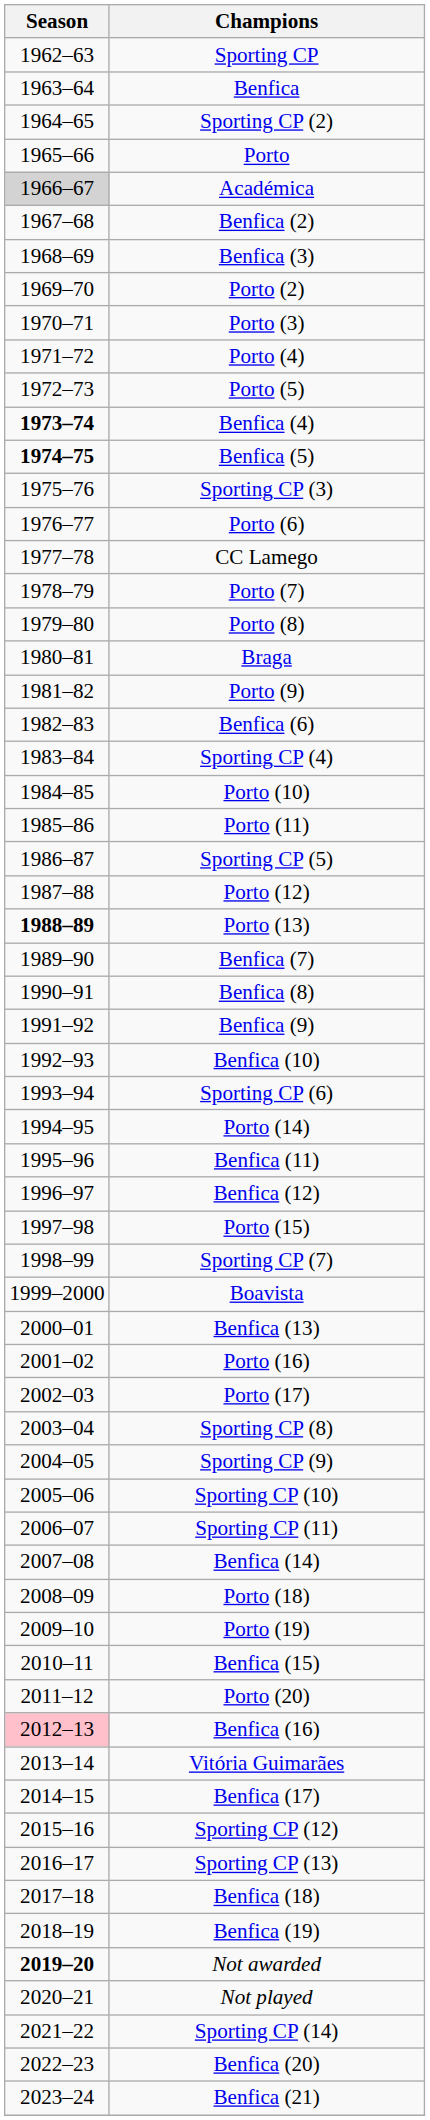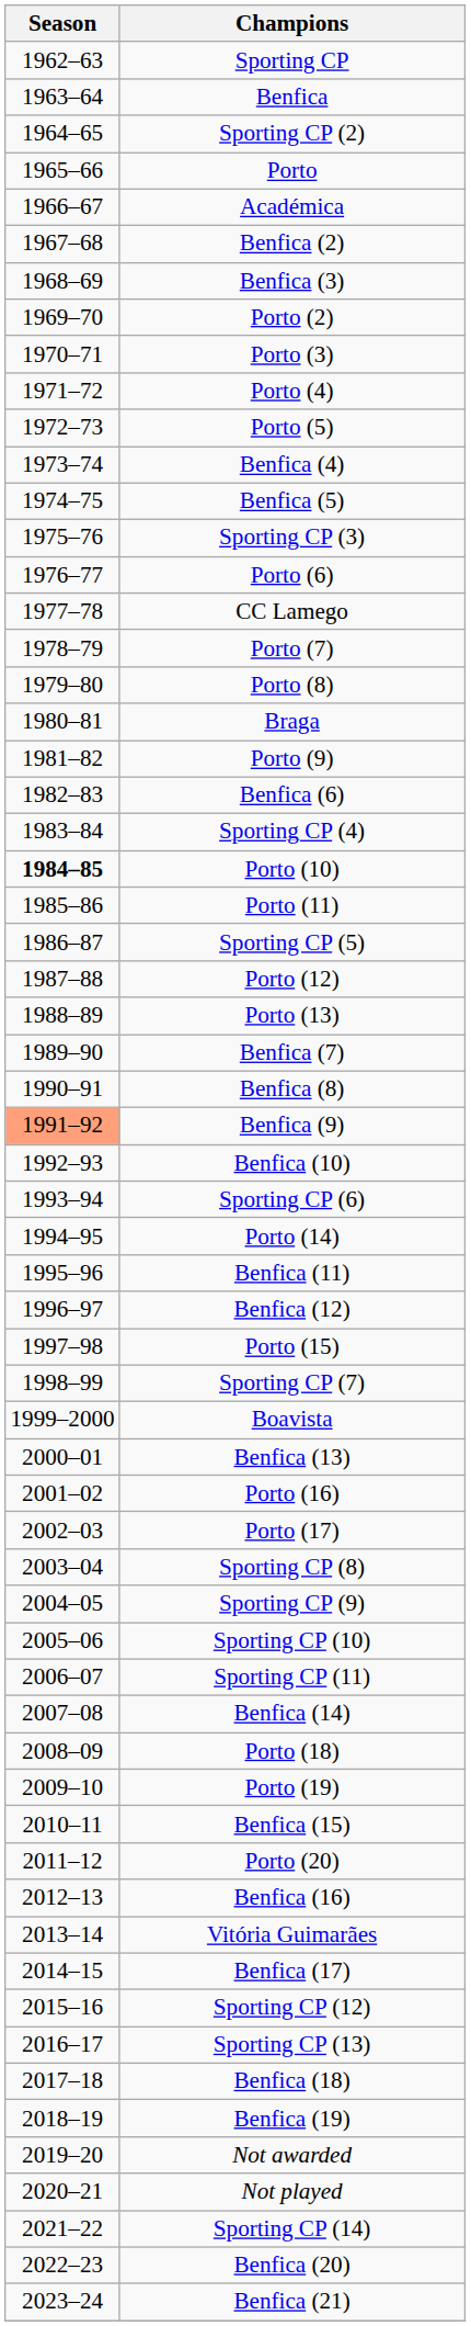 <table class="wikitable" style="text-align:center;">
 <tr>
 <th width="25%">Season</th>
 <th width="75%">Champions</th>
 </tr>
 <tr>
 <td>1962–63</td>
 <td><a href='#'>Sporting CP</a></td>
 </tr>
 <tr>
 <td>1963–64</td>
 <td><a href='#'>Benfica</a></td>
 </tr>
 <tr>
 <td>1964–65</td>
 <td><a href='#'>Sporting CP</a> (2)</td>
 </tr>
 <tr>
 <td>1965–66</td>
 <td><a href='#'>Porto</a></td>
 </tr>
 <tr>
-<td style="background: lightgrey;">1966–67</td>
+<td>1966–67</td>
 <td><a href='#'>Académica</a></td>
 </tr>
 <tr>
 <td>1967–68</td>
 <td><a href='#'>Benfica</a> (2)</td>
 </tr>
 <tr>
 <td>1968–69</td>
 <td><a href='#'>Benfica</a> (3)</td>
 </tr>
 <tr>
 <td>1969–70</td>
 <td><a href='#'>Porto</a> (2)</td>
 </tr>
 <tr>
 <td>1970–71</td>
 <td><a href='#'>Porto</a> (3)</td>
 </tr>
 <tr>
 <td>1971–72</td>
 <td><a href='#'>Porto</a> (4)</td>
 </tr>
 <tr>
 <td>1972–73</td>
 <td><a href='#'>Porto</a> (5)</td>
 </tr>
 <tr>
-<td><strong>1973–74</strong></td>
+<td>1973–74</td>
 <td><a href='#'>Benfica</a> (4)</td>
 </tr>
 <tr>
-<td><strong>1974–75</strong></td>
+<td>1974–75</td>
 <td><a href='#'>Benfica</a> (5)</td>
 </tr>
 <tr>
 <td>1975–76</td>
 <td><a href='#'>Sporting CP</a> (3)</td>
 </tr>
 <tr>
 <td>1976–77</td>
 <td><a href='#'>Porto</a> (6)</td>
 </tr>
 <tr>
 <td>1977–78</td>
 <td>CC Lamego</td>
 </tr>
 <tr>
 <td>1978–79</td>
 <td><a href='#'>Porto</a> (7)</td>
 </tr>
 <tr>
 <td>1979–80</td>
 <td><a href='#'>Porto</a> (8)</td>
 </tr>
 <tr>
 <td>1980–81</td>
 <td><a href='#'>Braga</a></td>
 </tr>
 <tr>
 <td>1981–82</td>
 <td><a href='#'>Porto</a> (9)</td>
 </tr>
 <tr>
 <td>1982–83</td>
 <td><a href='#'>Benfica</a> (6)</td>
 </tr>
 <tr>
 <td>1983–84</td>
 <td><a href='#'>Sporting CP</a> (4)</td>
 </tr>
 <tr>
-<td>1984–85</td>
+<td><strong>1984–85</strong></td>
 <td><a href='#'>Porto</a> (10)</td>
 </tr>
 <tr>
 <td>1985–86</td>
 <td><a href='#'>Porto</a> (11)</td>
 </tr>
 <tr>
 <td>1986–87</td>
 <td><a href='#'>Sporting CP</a> (5)</td>
 </tr>
 <tr>
 <td>1987–88</td>
 <td><a href='#'>Porto</a> (12)</td>
 </tr>
 <tr>
-<td><strong>1988–89</strong></td>
+<td>1988–89</td>
 <td><a href='#'>Porto</a> (13)</td>
 </tr>
 <tr>
 <td>1989–90</td>
 <td><a href='#'>Benfica</a> (7)</td>
 </tr>
 <tr>
 <td>1990–91</td>
 <td><a href='#'>Benfica</a> (8)</td>
 </tr>
 <tr>
-<td>1991–92</td>
+<td style="background: lightsalmon;">1991–92</td>
 <td><a href='#'>Benfica</a> (9)</td>
 </tr>
 <tr>
 <td>1992–93</td>
 <td><a href='#'>Benfica</a> (10)</td>
 </tr>
 <tr>
 <td>1993–94</td>
 <td><a href='#'>Sporting CP</a> (6)</td>
 </tr>
 <tr>
 <td>1994–95</td>
 <td><a href='#'>Porto</a> (14)</td>
 </tr>
 <tr>
 <td>1995–96</td>
 <td><a href='#'>Benfica</a> (11)</td>
 </tr>
 <tr>
 <td>1996–97</td>
 <td><a href='#'>Benfica</a> (12)</td>
 </tr>
 <tr>
 <td>1997–98</td>
 <td><a href='#'>Porto</a> (15)</td>
 </tr>
 <tr>
 <td>1998–99</td>
 <td><a href='#'>Sporting CP</a> (7)</td>
 </tr>
 <tr>
 <td>1999–2000</td>
 <td><a href='#'>Boavista</a></td>
 </tr>
 <tr>
 <td>2000–01</td>
 <td><a href='#'>Benfica</a> (13)</td>
 </tr>
 <tr>
 <td>2001–02</td>
 <td><a href='#'>Porto</a> (16)</td>
 </tr>
 <tr>
 <td>2002–03</td>
 <td><a href='#'>Porto</a> (17)</td>
 </tr>
 <tr>
 <td>2003–04</td>
 <td><a href='#'>Sporting CP</a> (8)</td>
 </tr>
 <tr>
 <td>2004–05</td>
 <td><a href='#'>Sporting CP</a> (9)</td>
 </tr>
 <tr>
 <td>2005–06</td>
 <td><a href='#'>Sporting CP</a> (10)</td>
 </tr>
 <tr>
 <td>2006–07</td>
 <td><a href='#'>Sporting CP</a> (11)</td>
 </tr>
 <tr>
 <td>2007–08</td>
 <td><a href='#'>Benfica</a> (14)</td>
 </tr>
 <tr>
 <td>2008–09</td>
 <td><a href='#'>Porto</a> (18)</td>
 </tr>
 <tr>
 <td>2009–10</td>
 <td><a href='#'>Porto</a> (19)</td>
 </tr>
 <tr>
 <td>2010–11</td>
 <td><a href='#'>Benfica</a> (15)</td>
 </tr>
 <tr>
 <td>2011–12</td>
 <td><a href='#'>Porto</a> (20)</td>
 </tr>
 <tr>
-<td style="background: pink;">2012–13</td>
+<td>2012–13</td>
 <td><a href='#'>Benfica</a> (16)</td>
 </tr>
 <tr>
 <td>2013–14</td>
 <td><a href='#'>Vitória Guimarães</a></td>
 </tr>
 <tr>
 <td>2014–15</td>
 <td><a href='#'>Benfica</a> (17)</td>
 </tr>
 <tr>
 <td>2015–16</td>
 <td><a href='#'>Sporting CP</a> (12)</td>
 </tr>
 <tr>
 <td>2016–17</td>
 <td><a href='#'>Sporting CP</a> (13)</td>
 </tr>
 <tr>
 <td>2017–18</td>
 <td><a href='#'>Benfica</a> (18)</td>
 </tr>
 <tr>
 <td>2018–19</td>
 <td><a href='#'>Benfica</a> (19)</td>
 </tr>
 <tr>
-<td><strong>2019–20</strong></td>
+<td>2019–20</td>
 <td><em>Not awarded</em> </td>
 </tr>
 <tr>
 <td>2020–21</td>
 <td><em>Not played</em> </td>
 </tr>
 <tr>
 <td>2021–22</td>
 <td><a href='#'>Sporting CP</a> (14)</td>
 </tr>
 <tr>
 <td>2022–23</td>
 <td><a href='#'>Benfica</a> (20)</td>
 </tr>
 <tr>
 <td>2023–24</td>
 <td><a href='#'>Benfica</a> (21)</td>
 </tr>
 <tr>
 </tr>
 </table>
